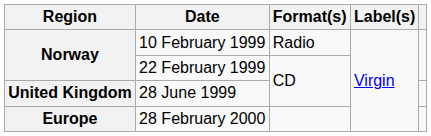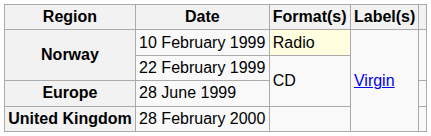 <table class="wikitable plainrowheaders">
 <tr>
 <th scope="col">Region</th>
 <th scope="col">Date</th>
 <th scope="col">Format(s)</th>
 <th scope="col">Label(s)</th>
 <th scope="col"></th>
 </tr>
 <tr>
 <th scope="row" rowspan="2">Norway</th>
 <td>10 February 1999</td>
-<td>Radio</td>
+<td style="background: lightyellow;">Radio</td>
 <td rowspan="4"><a href='#'>Virgin</a></td>
 <td rowspan="2" align="center"></td>
 </tr>
 <tr>
 <td>22 February 1999</td>
 <td rowspan="2">CD</td>
 </tr>
 <tr>
-<th scope="row">United Kingdom</th>
+<th scope="row">Europe</th>
 <td>28 June 1999</td>
 <td align="center"></td>
 </tr>
 <tr>
-<th scope="row">Europe</th>
+<th scope="row">United Kingdom</th>
 <td>28 February 2000</td>
 <td></td>
 <td align="center"></td>
 </tr>
 </table>
